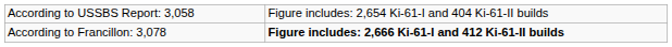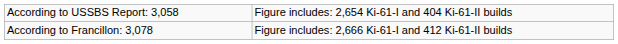 <table class="wikitable" style="text-align: right; width: 100%">
 <tr>
 <td style="text-align:left">According to USSBS Report: 3,058 </td>
 <td style="text-align:left">Figure includes: 2,654 Ki-61-I and 404 Ki-61-II builds</td>
 </tr>
 <tr>
 <td style="text-align:left">According to Francillon: 3,078 </td>
-<td style="text-align:left"><strong>Figure includes: 2,666 Ki-61-I and 412 Ki-61-II builds</strong></td>
+<td style="text-align:left">Figure includes: 2,666 Ki-61-I and 412 Ki-61-II builds</td>
 </tr>
 </table>
